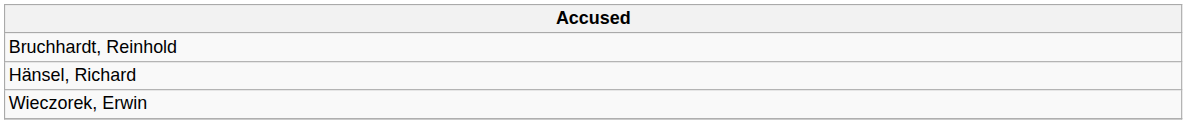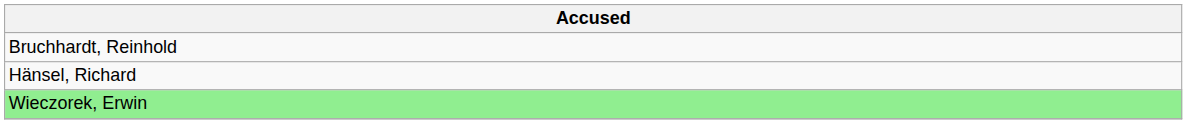 <table class="wikitable">
 <tr>
 <th width=15%>Accused</th>
 </tr>
 <tr>
 <td>Bruchhardt, Reinhold</td>
 </tr>
 <tr>
 <td>Hänsel, Richard</td>
 </tr>
 <tr>
-<td>Wieczorek, Erwin</td>
+<td style="background: lightgreen;">Wieczorek, Erwin</td>
 </tr>
 <tr>
 </tr>
 </table>
